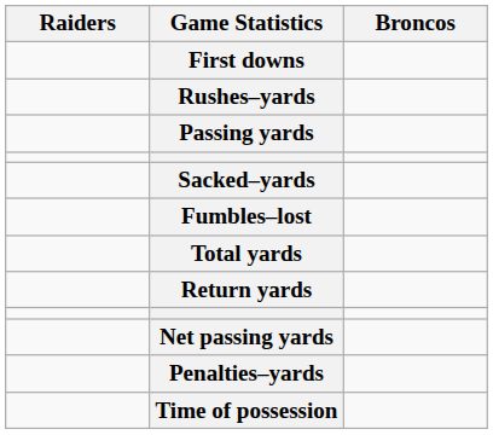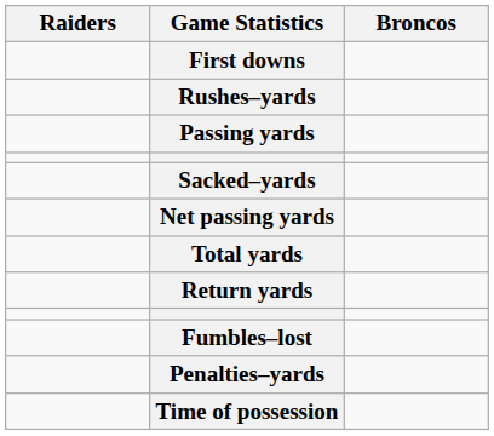 <table class="wikitable" style="margin: 1em auto 1em auto">
 <tr>
 <th style="width:30%;">Raiders</th>
 <th style="width:40%;">Game Statistics</th>
 <th style="width:30%;">Broncos</th>
 </tr>
 <tr>
 <td style="text-align:right;"></td>
 <th>First downs</th>
 <td></td>
 </tr>
 <tr>
 <td style="text-align:right;"></td>
 <th>Rushes–yards</th>
 <td></td>
 </tr>
 <tr>
 <td style="text-align:right;"></td>
 <th>Passing yards</th>
 <td></td>
 </tr>
 <tr>
 <td style="text-align:right;"></td>
 <th></th>
 <td></td>
 </tr>
 <tr>
 <td style="text-align:right;"></td>
 <th>Sacked–yards</th>
 <td></td>
 </tr>
 <tr>
 <td style="text-align:right;"></td>
-<th>Fumbles–lost</th>
+<th>Net passing yards</th>
 <td></td>
 </tr>
 <tr>
 <td style="text-align:right;"></td>
 <th>Total yards</th>
 <td></td>
 </tr>
 <tr>
 <td style="text-align:right;"></td>
 <th>Return yards</th>
 <td></td>
 </tr>
 <tr>
 <td style="text-align:right;"></td>
 <th></th>
 <td></td>
 </tr>
 <tr>
 <td style="text-align:right;"></td>
-<th>Net passing yards</th>
+<th>Fumbles–lost</th>
 <td></td>
 </tr>
 <tr>
 <td style="text-align:right;"></td>
 <th>Penalties–yards</th>
 <td></td>
 </tr>
 <tr>
 <td style="text-align:right;"></td>
 <th>Time of possession</th>
 <td></td>
 </tr>
 </table>
